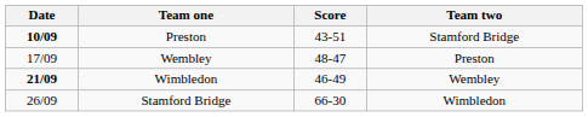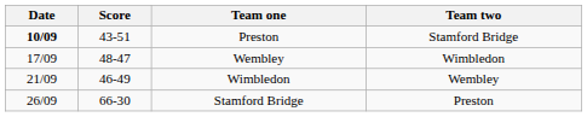 <table class="wikitable" style="text-align: center">
 <tr>
 <th width=80>Date</th>
+<th width=80>Score</th>
 <th width=250>Team one</th>
-<th width=80>Score</th>
 <th width=250>Team two</th>
 </tr>
 <tr>
 <td><strong>10/09</strong></td>
+<td>43-51</td>
 <td>Preston</td>
-<td>43-51</td>
 <td>Stamford Bridge</td>
 </tr>
 <tr>
 <td>17/09</td>
+<td>48-47</td>
 <td>Wembley</td>
-<td>48-47</td>
-<td>Preston</td>
+<td>Wimbledon</td>
 </tr>
 <tr>
-<td><strong>21/09</strong></td>
+<td>21/09</td>
+<td>46-49</td>
 <td>Wimbledon</td>
-<td>46-49</td>
 <td>Wembley</td>
 </tr>
 <tr>
 <td>26/09</td>
+<td>66-30</td>
 <td>Stamford Bridge</td>
-<td>66-30</td>
-<td>Wimbledon</td>
+<td>Preston</td>
 </tr>
 </table>
